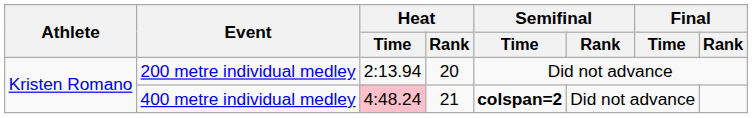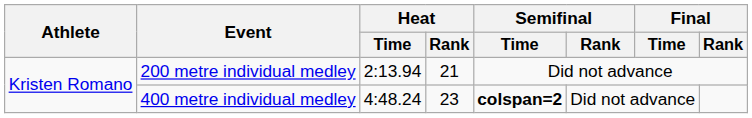 <table class="wikitable" style="text-align:center; font-size:90%">
 <tr>
 <th rowspan="2">Athlete</th>
 <th rowspan="2">Event</th>
 <th colspan="2">Heat</th>
 <th colspan="2">Semifinal</th>
 <th colspan="2">Final</th>
 </tr>
 <tr style="font-size:95%">
 <th>Time</th>
 <th>Rank</th>
 <th>Time</th>
 <th>Rank</th>
 <th>Time</th>
 <th>Rank</th>
 </tr>
 <tr>
 <td align=left rowspan=2><a href='#'>Kristen Romano</a></td>
 <td align=left><a href='#'>200 metre individual medley</a></td>
 <td>2:13.94</td>
-<td>20</td>
+<td>21</td>
 <td colspan="4">Did not advance</td>
 </tr>
 <tr>
 <td align=left><a href='#'>400 metre individual medley</a></td>
-<td style="background: pink;">4:48.24</td>
-<td>21</td>
+<td>4:48.24</td>
+<td>23</td>
 <td><strong>colspan=2 </strong></td>
 <td colspan=2>Did not advance</td>
 </tr>
 </table>
